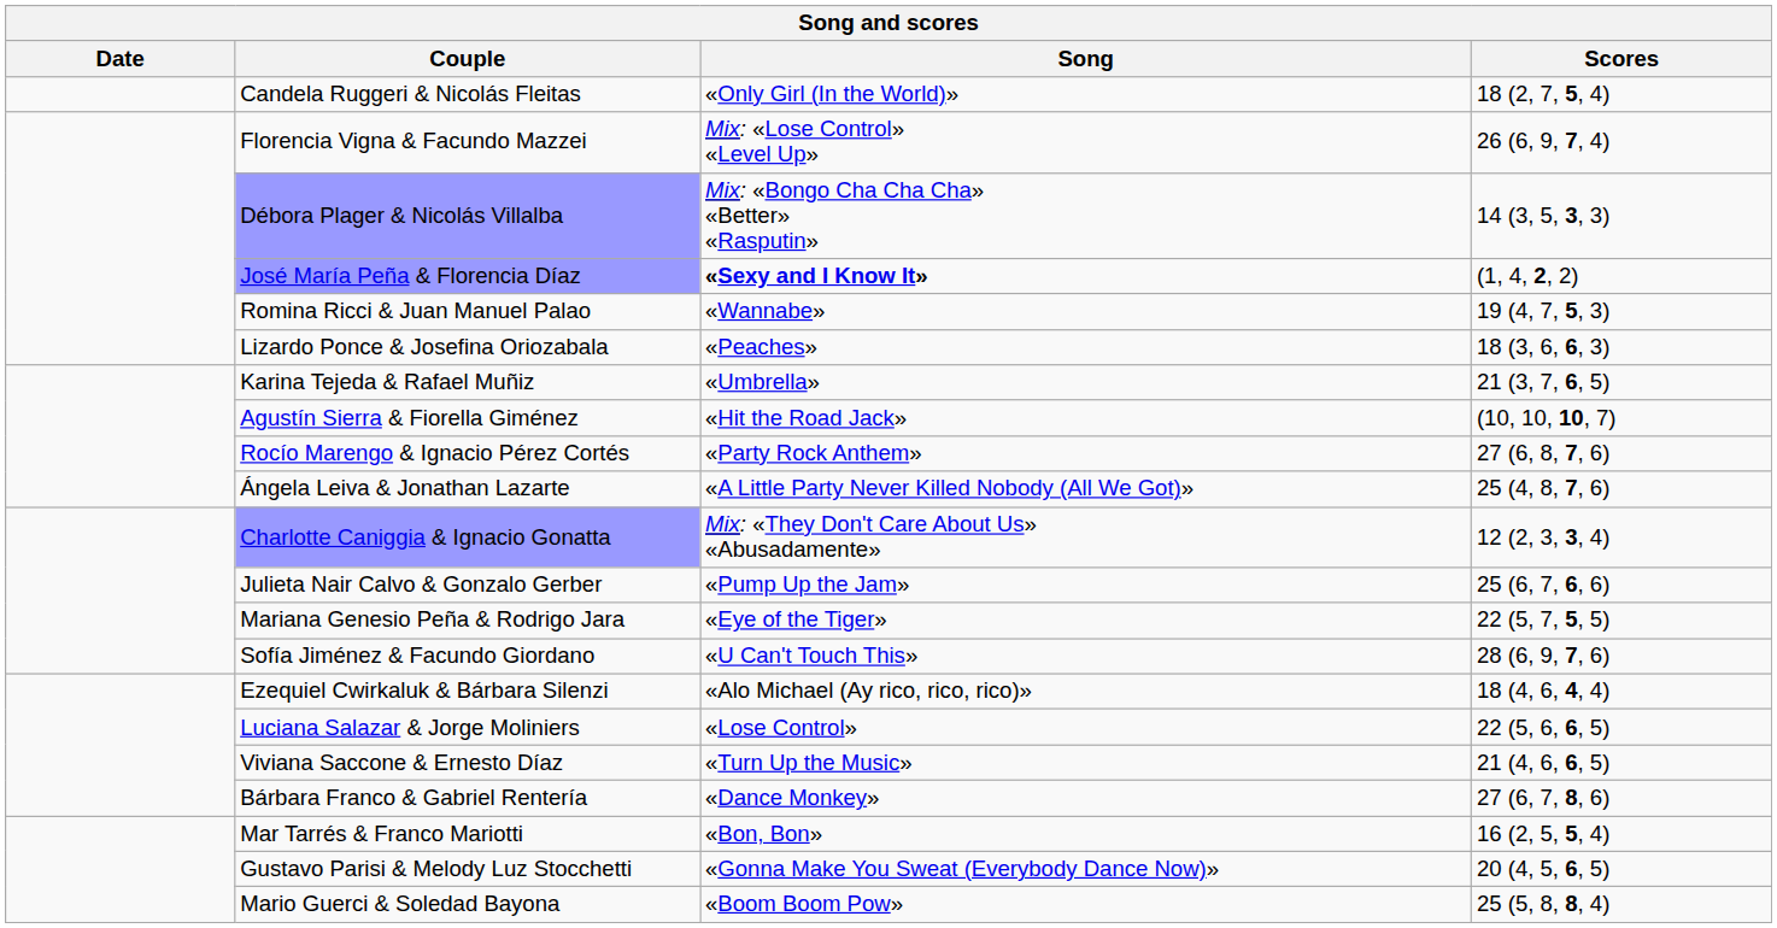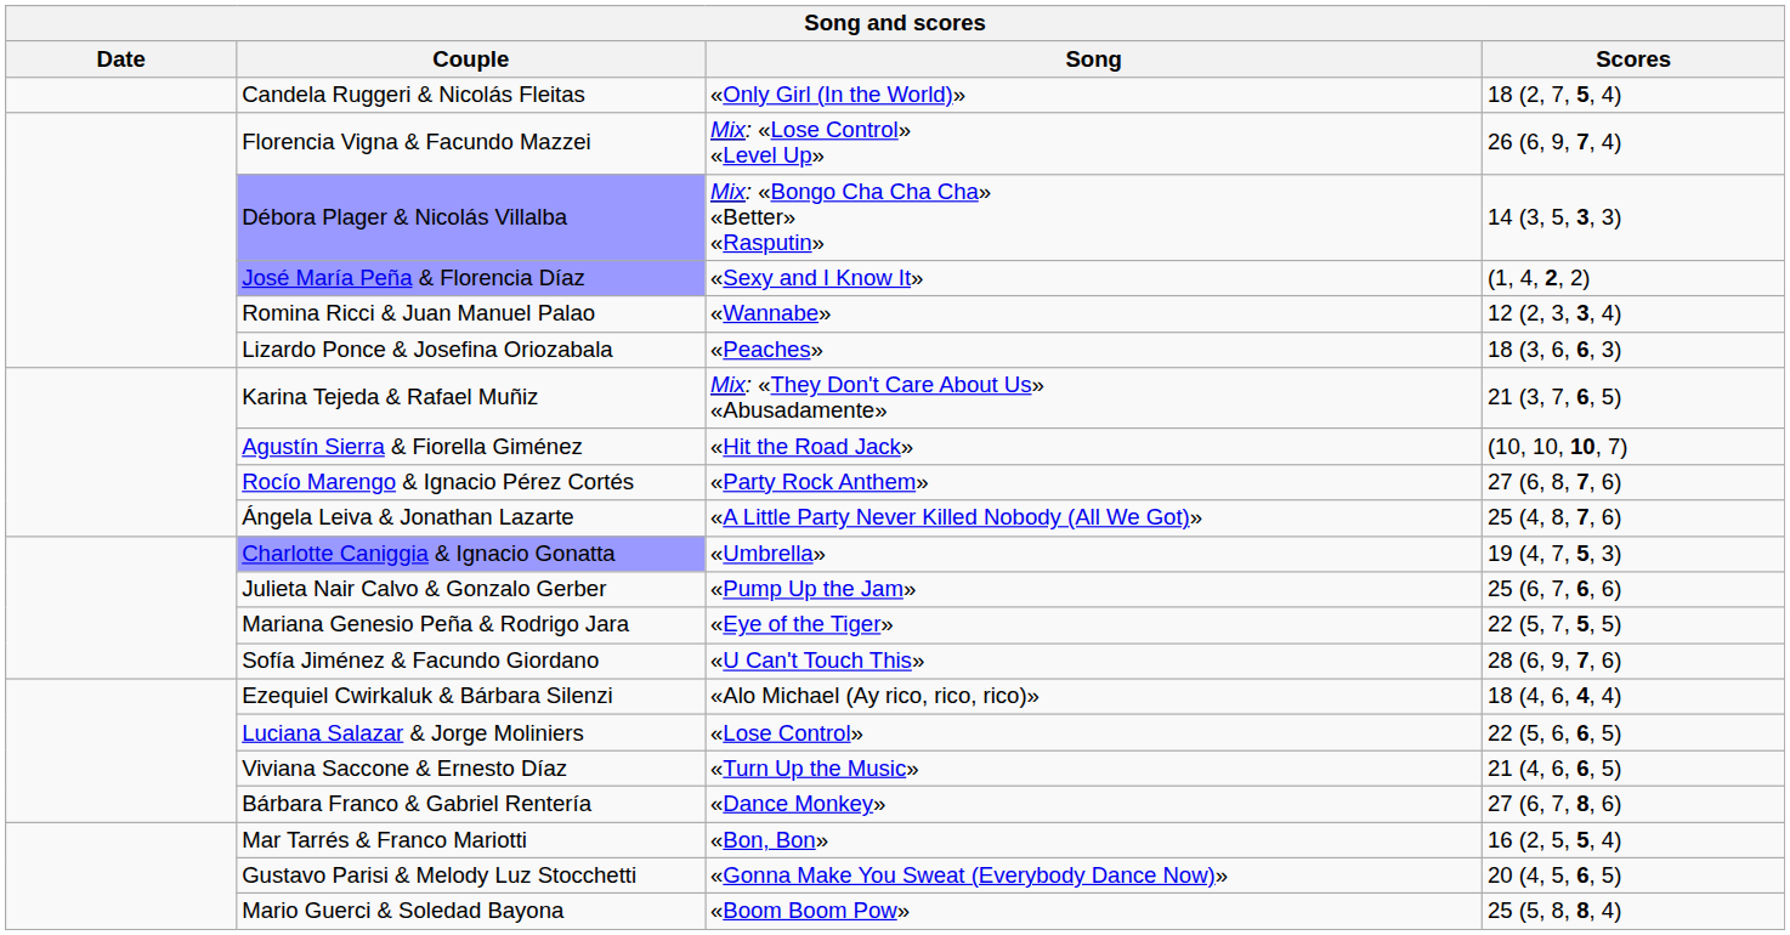 <table class="wikitable collapsible collapsed" style="text-align: align; width: 100%">
 <tr>
 <th colspan="11" style="with: 100%" align="center">Song and scores</th>
 </tr>
 <tr>
 <th width=90>Date</th>
 <th width=190>Couple</th>
 <th width=320>Song</th>
 <th width=120>Scores</th>
 </tr>
 <tr>
 <td></td>
 <td>Candela Ruggeri & Nicolás Fleitas</td>
 <td>«<a href='#'>Only Girl (In the World)</a>» </td>
 <td>18 (2, 7, <strong>5</strong>, 4)</td>
 </tr>
 <tr>
 <td rowspan="5"></td>
 <td>Florencia Vigna & Facundo Mazzei</td>
 <td><em><u><a href='#'>Mix</a></u>:</em> «<a href='#'>Lose Control</a>» <br>«<a href='#'>Level Up</a>» </td>
 <td>26 (6, 9, <strong>7</strong>, 4)</td>
 </tr>
 <tr>
 <td bgcolor="#9999FF">Débora Plager & Nicolás Villalba</td>
 <td><em><u><a href='#'>Mix</a></u>:</em> «<a href='#'>Bongo Cha Cha Cha</a>» <br>«Better» <br>«<a href='#'>Rasputin</a>» </td>
 <td>14 (3, 5, <strong>3</strong>, 3)</td>
 </tr>
 <tr>
 <td bgcolor="#9999FF"><a href='#'>José María Peña</a> & Florencia Díaz</td>
-<td><strong>«<a href='#'>Sexy and I Know It</a>» </strong></td>
+<td>«<a href='#'>Sexy and I Know It</a>» </td>
 <td> (1, 4, <strong>2</strong>, 2)</td>
 </tr>
 <tr>
 <td>Romina Ricci & Juan Manuel Palao</td>
 <td>«<a href='#'>Wannabe</a>» </td>
-<td>19 (4, 7, <strong>5</strong>, 3)</td>
+<td>12 (2, 3, <strong>3</strong>, 4)</td>
 </tr>
 <tr>
 <td>Lizardo Ponce & Josefina Oriozabala</td>
 <td>«<a href='#'>Peaches</a>» </td>
 <td>18 (3, 6, <strong>6</strong>, 3)</td>
 </tr>
 <tr>
 <td rowspan="4"></td>
 <td>Karina Tejeda & Rafael Muñiz</td>
-<td>«<a href='#'>Umbrella</a>» </td>
+<td><em><u><a href='#'>Mix</a></u>:</em> «<a href='#'>They Don't Care About Us</a>» <br>«Abusadamente» </td>
 <td>21 (3, 7, <strong>6</strong>, 5)</td>
 </tr>
 <tr>
 <td><a href='#'>Agustín Sierra</a> & Fiorella Giménez</td>
 <td>«<a href='#'>Hit the Road Jack</a>» </td>
 <td> (10, 10, <strong>10</strong>, 7)</td>
 </tr>
 <tr>
 <td><a href='#'>Rocío Marengo</a> & Ignacio Pérez Cortés</td>
 <td>«<a href='#'>Party Rock Anthem</a>» </td>
 <td>27 (6, 8, <strong>7</strong>, 6)</td>
 </tr>
 <tr>
 <td>Ángela Leiva & Jonathan Lazarte</td>
 <td>«<a href='#'>A Little Party Never Killed Nobody (All We Got)</a>» </td>
 <td>25 (4, 8, <strong>7</strong>, 6)</td>
 </tr>
 <tr>
 <td rowspan="4"></td>
 <td bgcolor="#9999FF"><a href='#'>Charlotte Caniggia</a> & Ignacio Gonatta</td>
-<td><em><u><a href='#'>Mix</a></u>:</em> «<a href='#'>They Don't Care About Us</a>» <br>«Abusadamente» </td>
-<td>12 (2, 3, <strong>3</strong>, 4)</td>
+<td>«<a href='#'>Umbrella</a>» </td>
+<td>19 (4, 7, <strong>5</strong>, 3)</td>
 </tr>
 <tr>
 <td>Julieta Nair Calvo & Gonzalo Gerber</td>
 <td>«<a href='#'>Pump Up the Jam</a>» </td>
 <td>25 (6, 7, <strong>6</strong>, 6)</td>
 </tr>
 <tr>
 <td>Mariana Genesio Peña & Rodrigo Jara</td>
 <td>«<a href='#'>Eye of the Tiger</a>» </td>
 <td>22 (5, 7, <strong>5</strong>, 5)</td>
 </tr>
 <tr>
 <td>Sofía Jiménez & Facundo Giordano</td>
 <td>«<a href='#'>U Can't Touch This</a>» </td>
 <td>28 (6, 9, <strong>7</strong>, 6)</td>
 </tr>
 <tr>
 <td rowspan="4"></td>
 <td>Ezequiel Cwirkaluk & Bárbara Silenzi</td>
 <td>«Alo Michael (Ay rico, rico, rico)» </td>
 <td>18 (4, 6, <strong>4</strong>, 4)</td>
 </tr>
 <tr>
 <td><a href='#'>Luciana Salazar</a> & Jorge Moliniers</td>
 <td>«<a href='#'>Lose Control</a>» </td>
 <td>22 (5, 6, <strong>6</strong>, 5)</td>
 </tr>
 <tr>
 <td>Viviana Saccone & Ernesto Díaz</td>
 <td>«<a href='#'>Turn Up the Music</a>» </td>
 <td>21 (4, 6, <strong>6</strong>, 5)</td>
 </tr>
 <tr>
 <td>Bárbara Franco & Gabriel Rentería</td>
 <td>«<a href='#'>Dance Monkey</a>» </td>
 <td>27 (6, 7, <strong>8</strong>, 6)</td>
 </tr>
 <tr>
 <td rowspan="3"></td>
 <td>Mar Tarrés & Franco Mariotti</td>
 <td>«<a href='#'>Bon, Bon</a>» </td>
 <td>16 (2, 5, <strong>5</strong>, 4)</td>
 </tr>
 <tr>
 <td>Gustavo Parisi & Melody Luz Stocchetti</td>
 <td>«<a href='#'>Gonna Make You Sweat (Everybody Dance Now)</a>» </td>
 <td>20 (4, 5, <strong>6</strong>, 5)</td>
 </tr>
 <tr>
 <td>Mario Guerci & Soledad Bayona</td>
 <td>«<a href='#'>Boom Boom Pow</a>» </td>
 <td>25 (5, 8, <strong>8</strong>, 4)</td>
 </tr>
 </table>
